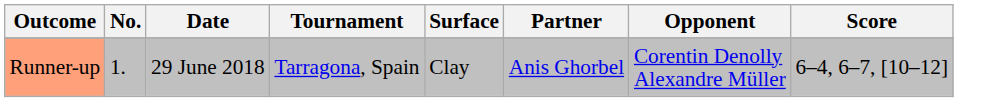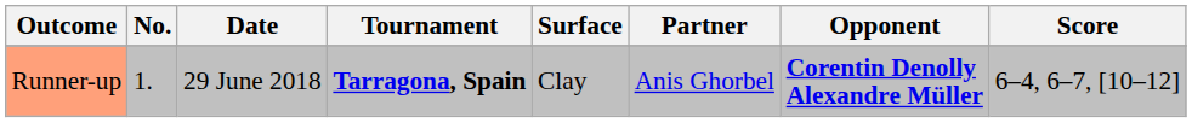 <table class=wikitable style=font-size:100%>
 <tr>
 <th>Outcome</th>
 <th>No.</th>
 <th>Date</th>
 <th>Tournament</th>
 <th>Surface</th>
 <th>Partner</th>
 <th>Opponent</th>
 <th>Score</th>
 </tr>
 <tr>
 </tr>
 <tr bgcolor=silver>
 <td bgcolor=#ffa07a>Runner-up</td>
 <td>1.</td>
 <td>29 June 2018</td>
-<td><a href='#'>Tarragona</a>, Spain</td>
+<td><strong><a href='#'>Tarragona</a>, Spain</strong></td>
 <td>Clay</td>
 <td> <a href='#'>Anis Ghorbel</a></td>
-<td> <a href='#'>Corentin Denolly</a><br> <a href='#'>Alexandre Müller</a></td>
+<td><strong> <a href='#'>Corentin Denolly</a><br> <a href='#'>Alexandre Müller</a></strong></td>
 <td>6–4, 6–7, [10–12]</td>
 </tr>
 </table>
